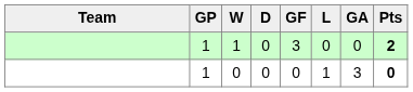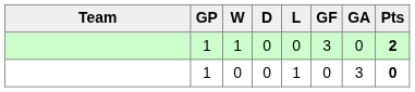 <table style=border-collapse:collapse border=1 cellspacing=0 cellpadding=5>
 <tr align=center bgcolor=#efefef>
 <th width=185>Team</th>
 <th width=20>GP</th>
 <th width=20>W</th>
 <th width=20>D</th>
+<th width=20>L</th>
 <th width=20>GF</th>
-<th width=20>L</th>
 <th width=20>GA</th>
 <th width=20>Pts</th>
 </tr>
 <tr bgcolor=#ccffcc align=center>
 <td style="text-align:left;"></td>
 <td>1</td>
 <td>1</td>
 <td>0</td>
+<td>0</td>
 <td>3</td>
-<td>0</td>
 <td>0</td>
 <td><strong>2</strong></td>
 </tr>
 <tr align=center>
 <td style="text-align:left;"></td>
 <td>1</td>
 <td>0</td>
 <td>0</td>
+<td>1</td>
 <td>0</td>
-<td>1</td>
 <td>3</td>
 <td><strong>0</strong></td>
 </tr>
 </table>
